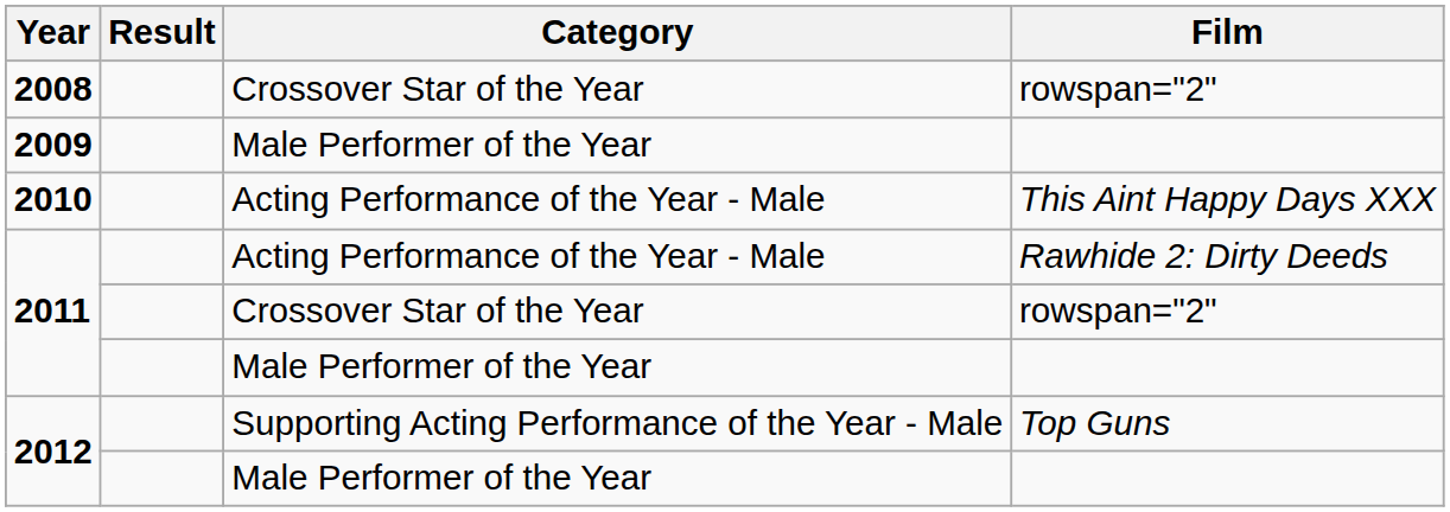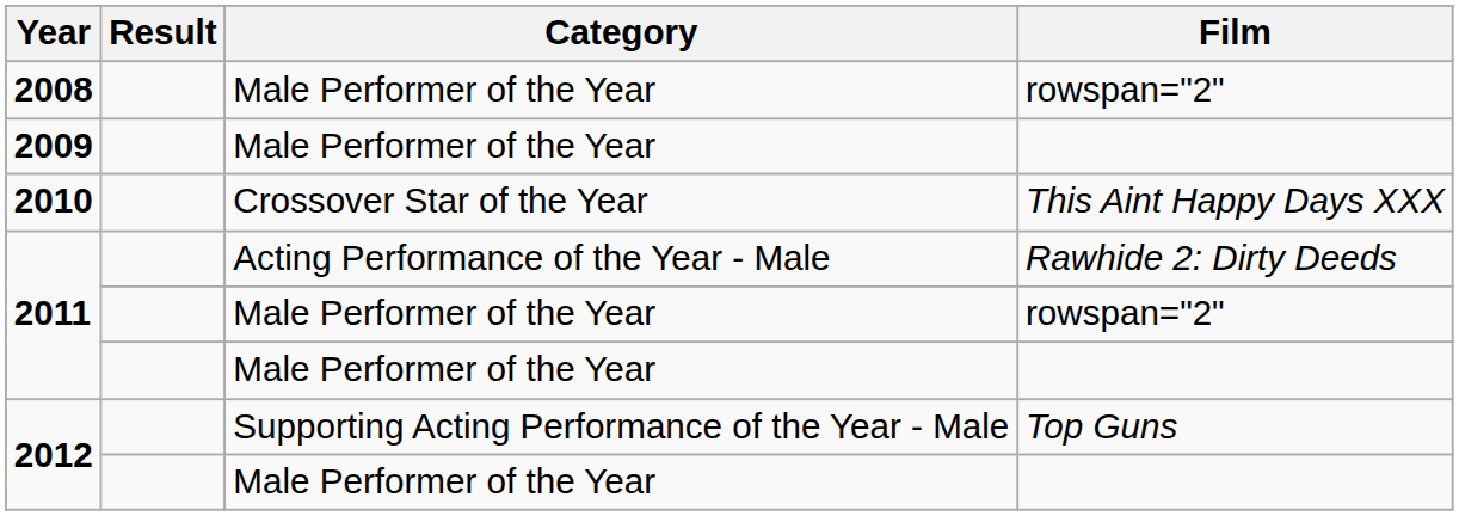 <table class="wikitable">
 <tr>
 <th>Year</th>
 <th>Result</th>
 <th>Category</th>
 <th>Film</th>
 </tr>
 <tr>
 <td><strong>2008</strong></td>
 <td></td>
-<td>Crossover Star of the Year</td>
+<td>Male Performer of the Year</td>
 <td>rowspan="2" </td>
 </tr>
 <tr>
 <td><strong>2009</strong></td>
 <td></td>
 <td>Male Performer of the Year</td>
 </tr>
 <tr>
 <td><strong>2010</strong></td>
 <td></td>
-<td>Acting Performance of the Year - Male</td>
+<td>Crossover Star of the Year</td>
 <td><em>This Aint Happy Days XXX</em></td>
 </tr>
 <tr>
 <td rowspan="3"><strong>2011</strong></td>
 <td></td>
 <td>Acting Performance of the Year - Male</td>
 <td><em>Rawhide 2: Dirty Deeds</em></td>
 </tr>
 <tr>
 <td></td>
-<td>Crossover Star of the Year</td>
+<td>Male Performer of the Year</td>
 <td>rowspan="2" </td>
 </tr>
 <tr>
 <td></td>
 <td>Male Performer of the Year</td>
 </tr>
 <tr>
 <td rowspan="2"><strong>2012</strong></td>
 <td></td>
 <td>Supporting Acting Performance of the Year - Male</td>
 <td><em>Top Guns</em></td>
 </tr>
 <tr>
 <td></td>
 <td>Male Performer of the Year</td>
 <td></td>
 </tr>
 </table>
